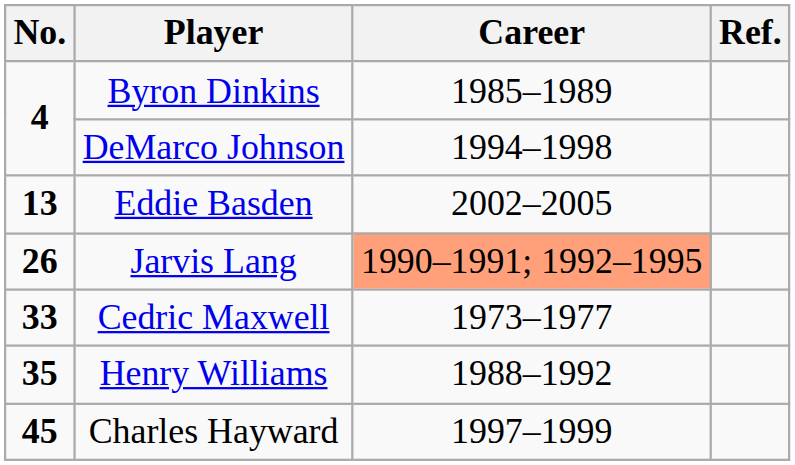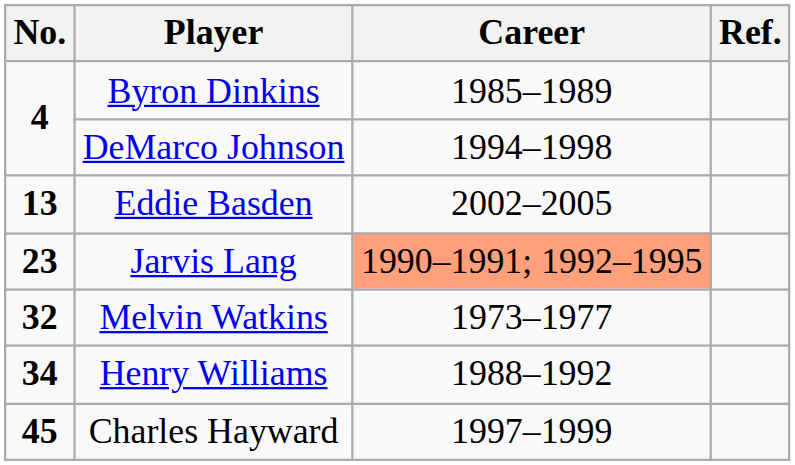 <table class="wikitable" style="text-align:center">
 <tr>
 <th>No.</th>
 <th>Player</th>
 <th>Career</th>
 <th>Ref.</th>
 </tr>
 <tr>
 <td rowspan=2><strong>4</strong></td>
 <td><a href='#'>Byron Dinkins</a></td>
 <td>1985–1989</td>
 <td></td>
 </tr>
 <tr>
 <td><a href='#'>DeMarco Johnson</a></td>
 <td>1994–1998</td>
 <td></td>
 </tr>
 <tr>
 <td><strong>13</strong></td>
 <td><a href='#'>Eddie Basden</a></td>
 <td>2002–2005</td>
 <td></td>
 </tr>
 <tr>
-<td><strong>26</strong></td>
+<td><strong>23</strong></td>
 <td><a href='#'>Jarvis Lang</a></td>
 <td style="background: lightsalmon;">1990–1991; 1992–1995</td>
 <td></td>
 </tr>
 <tr>
-<td><strong>33</strong></td>
-<td><a href='#'>Cedric Maxwell</a></td>
+<td><strong>32</strong></td>
+<td><a href='#'>Melvin Watkins</a></td>
 <td>1973–1977</td>
 <td></td>
 </tr>
 <tr>
-<td><strong>35</strong></td>
+<td><strong>34</strong></td>
 <td><a href='#'>Henry Williams</a></td>
 <td>1988–1992</td>
 <td></td>
 </tr>
 <tr>
 <td><strong>45</strong></td>
 <td>Charles Hayward</td>
 <td>1997–1999</td>
 <td></td>
 </tr>
 </table>
